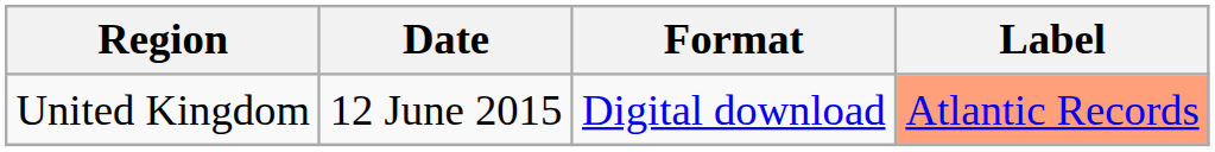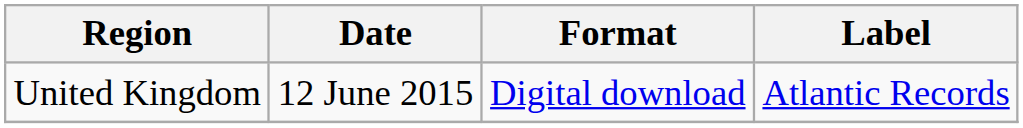 <table class=wikitable>
 <tr>
 <th>Region</th>
 <th>Date</th>
 <th>Format</th>
 <th>Label</th>
 </tr>
 <tr>
 <td>United Kingdom</td>
 <td>12 June 2015</td>
 <td><a href='#'>Digital download</a></td>
-<td style="background: lightsalmon;"><a href='#'>Atlantic Records</a></td>
+<td><a href='#'>Atlantic Records</a></td>
 </tr>
 <tr>
 </tr>
 </table>
